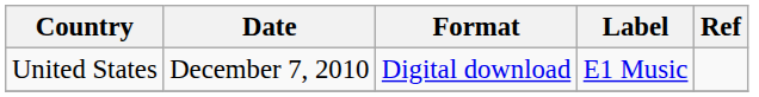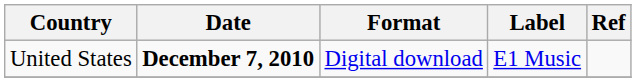 <table class="wikitable">
 <tr>
 <th>Country</th>
 <th>Date</th>
 <th>Format</th>
 <th>Label</th>
 <th>Ref</th>
 </tr>
 <tr>
 <td>United States</td>
-<td rowspan="1">December 7, 2010</td>
+<td rowspan="1"><strong>December 7, 2010</strong></td>
 <td rowspan="1"><a href='#'>Digital download</a></td>
 <td rowspan="1"><a href='#'>E1 Music</a></td>
 <td></td>
 </tr>
 <tr>
 </tr>
 </table>
